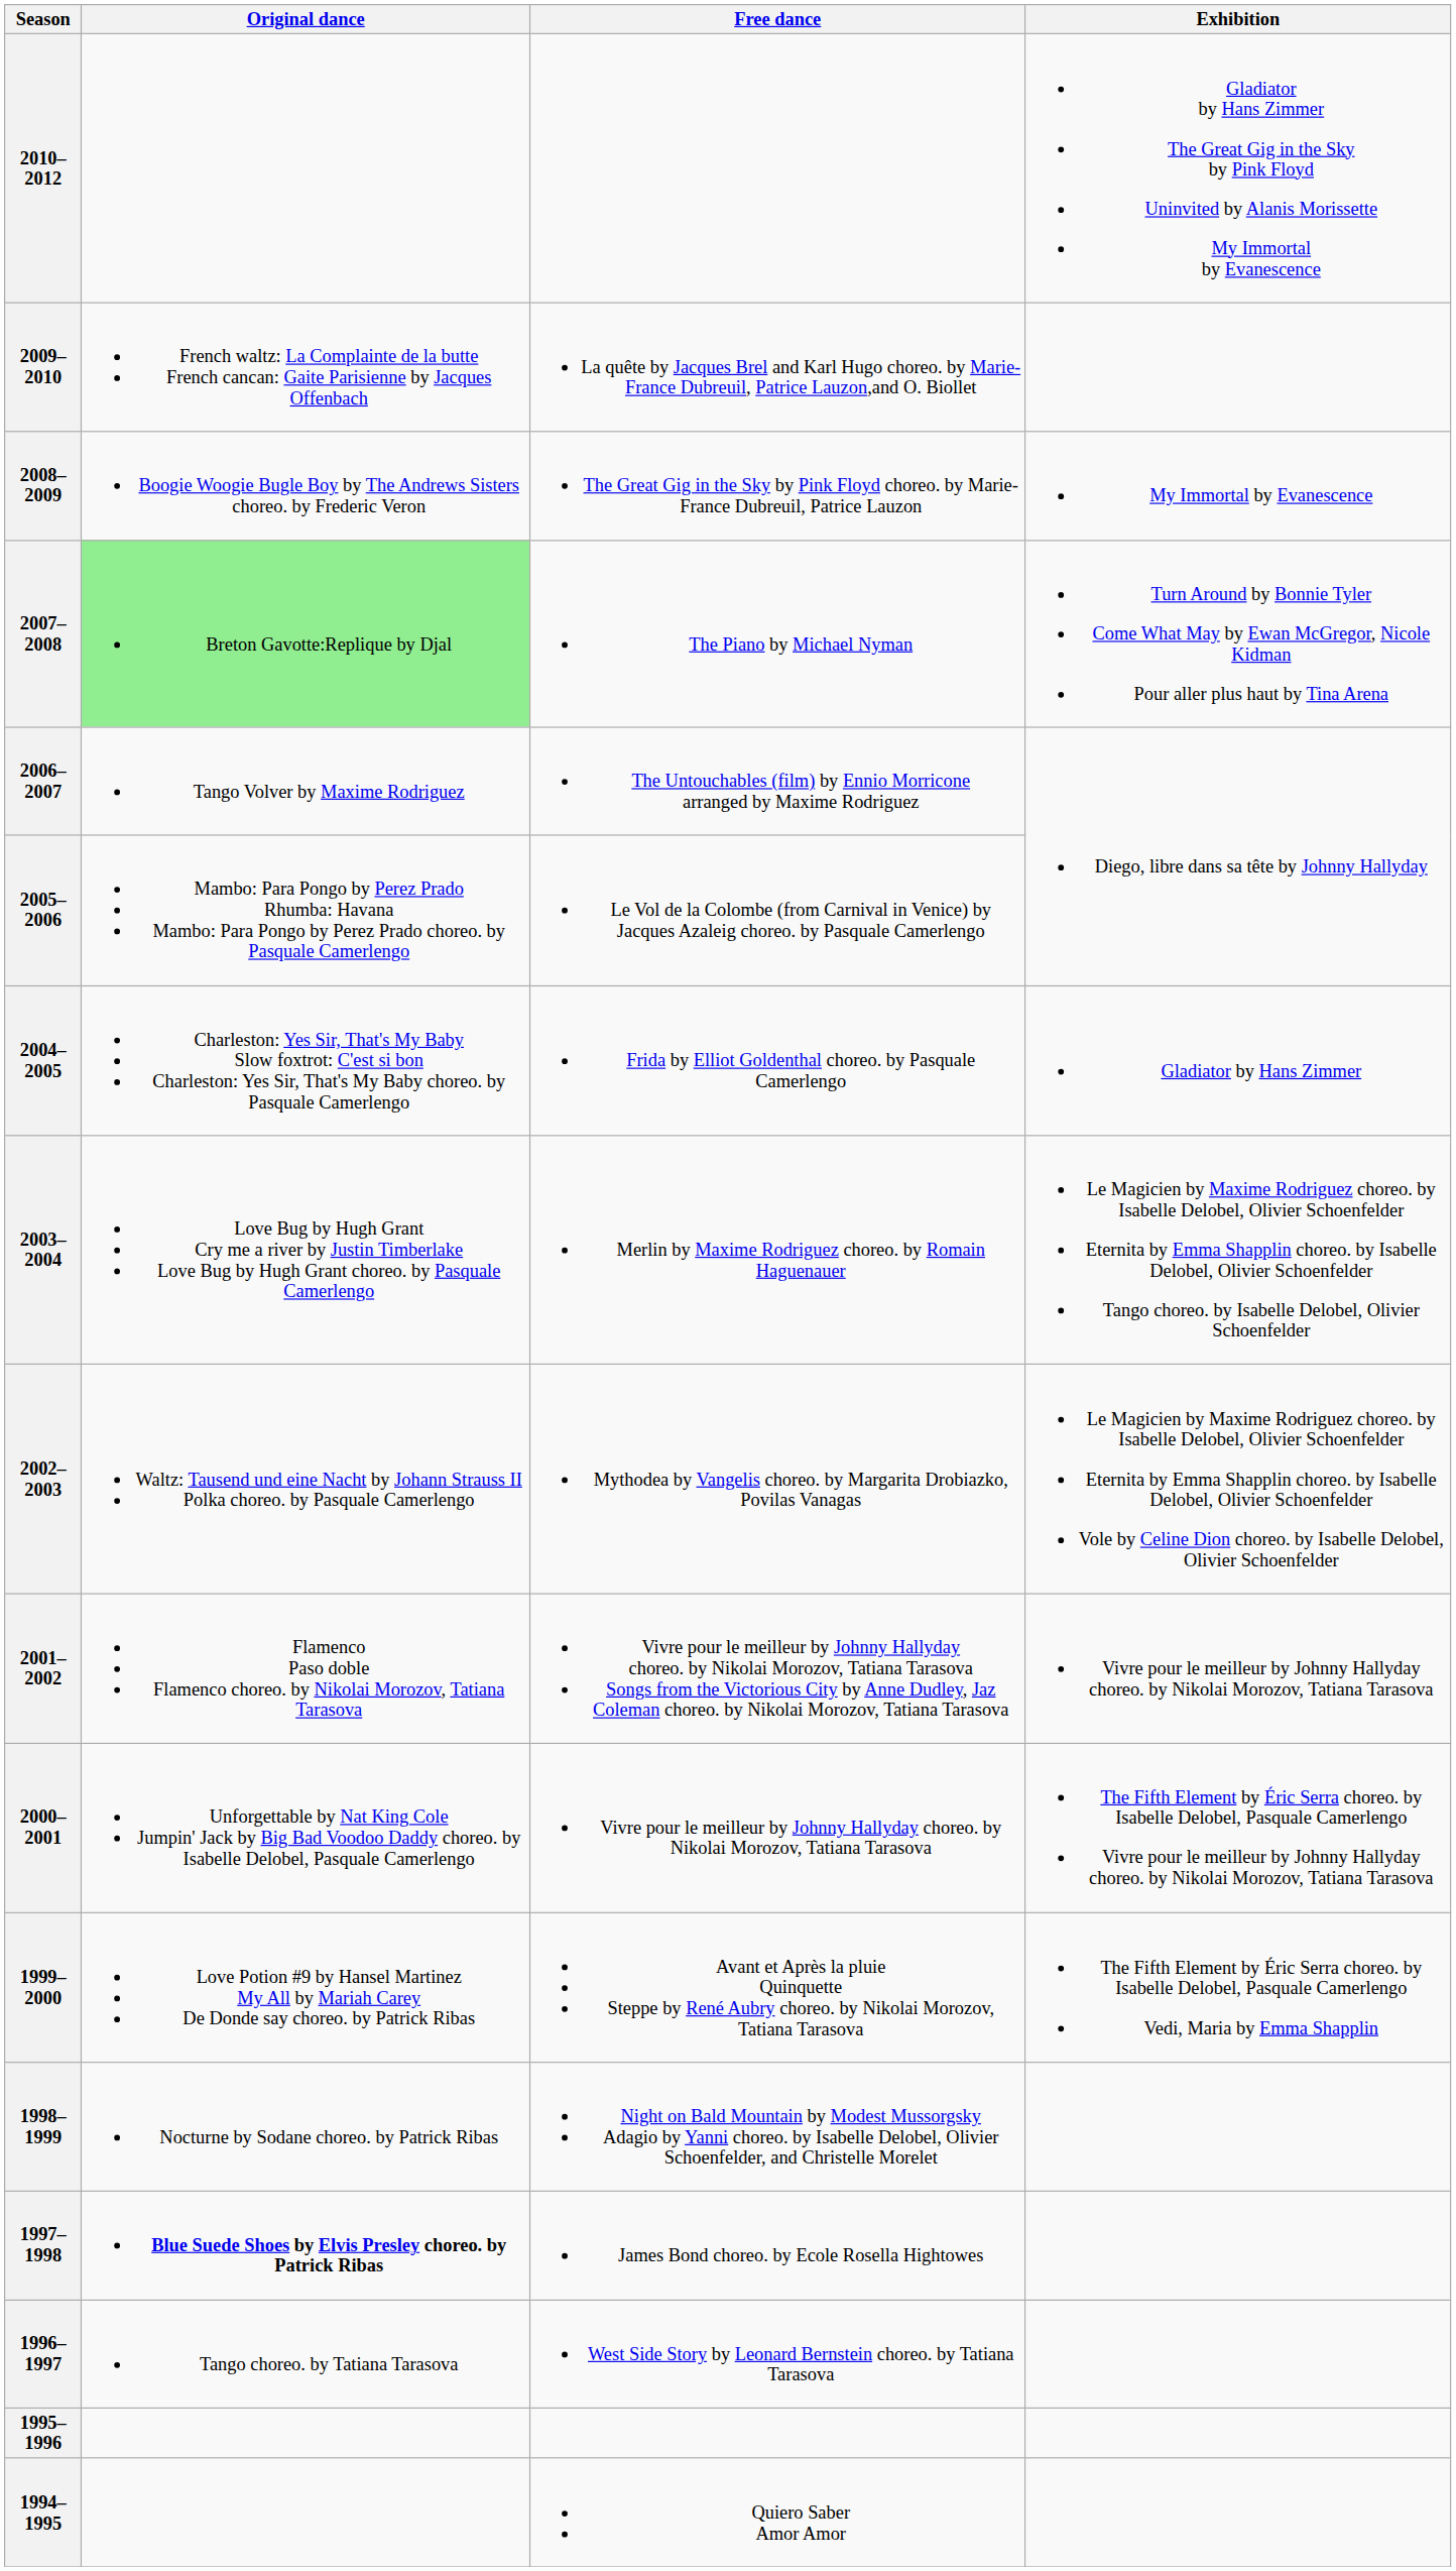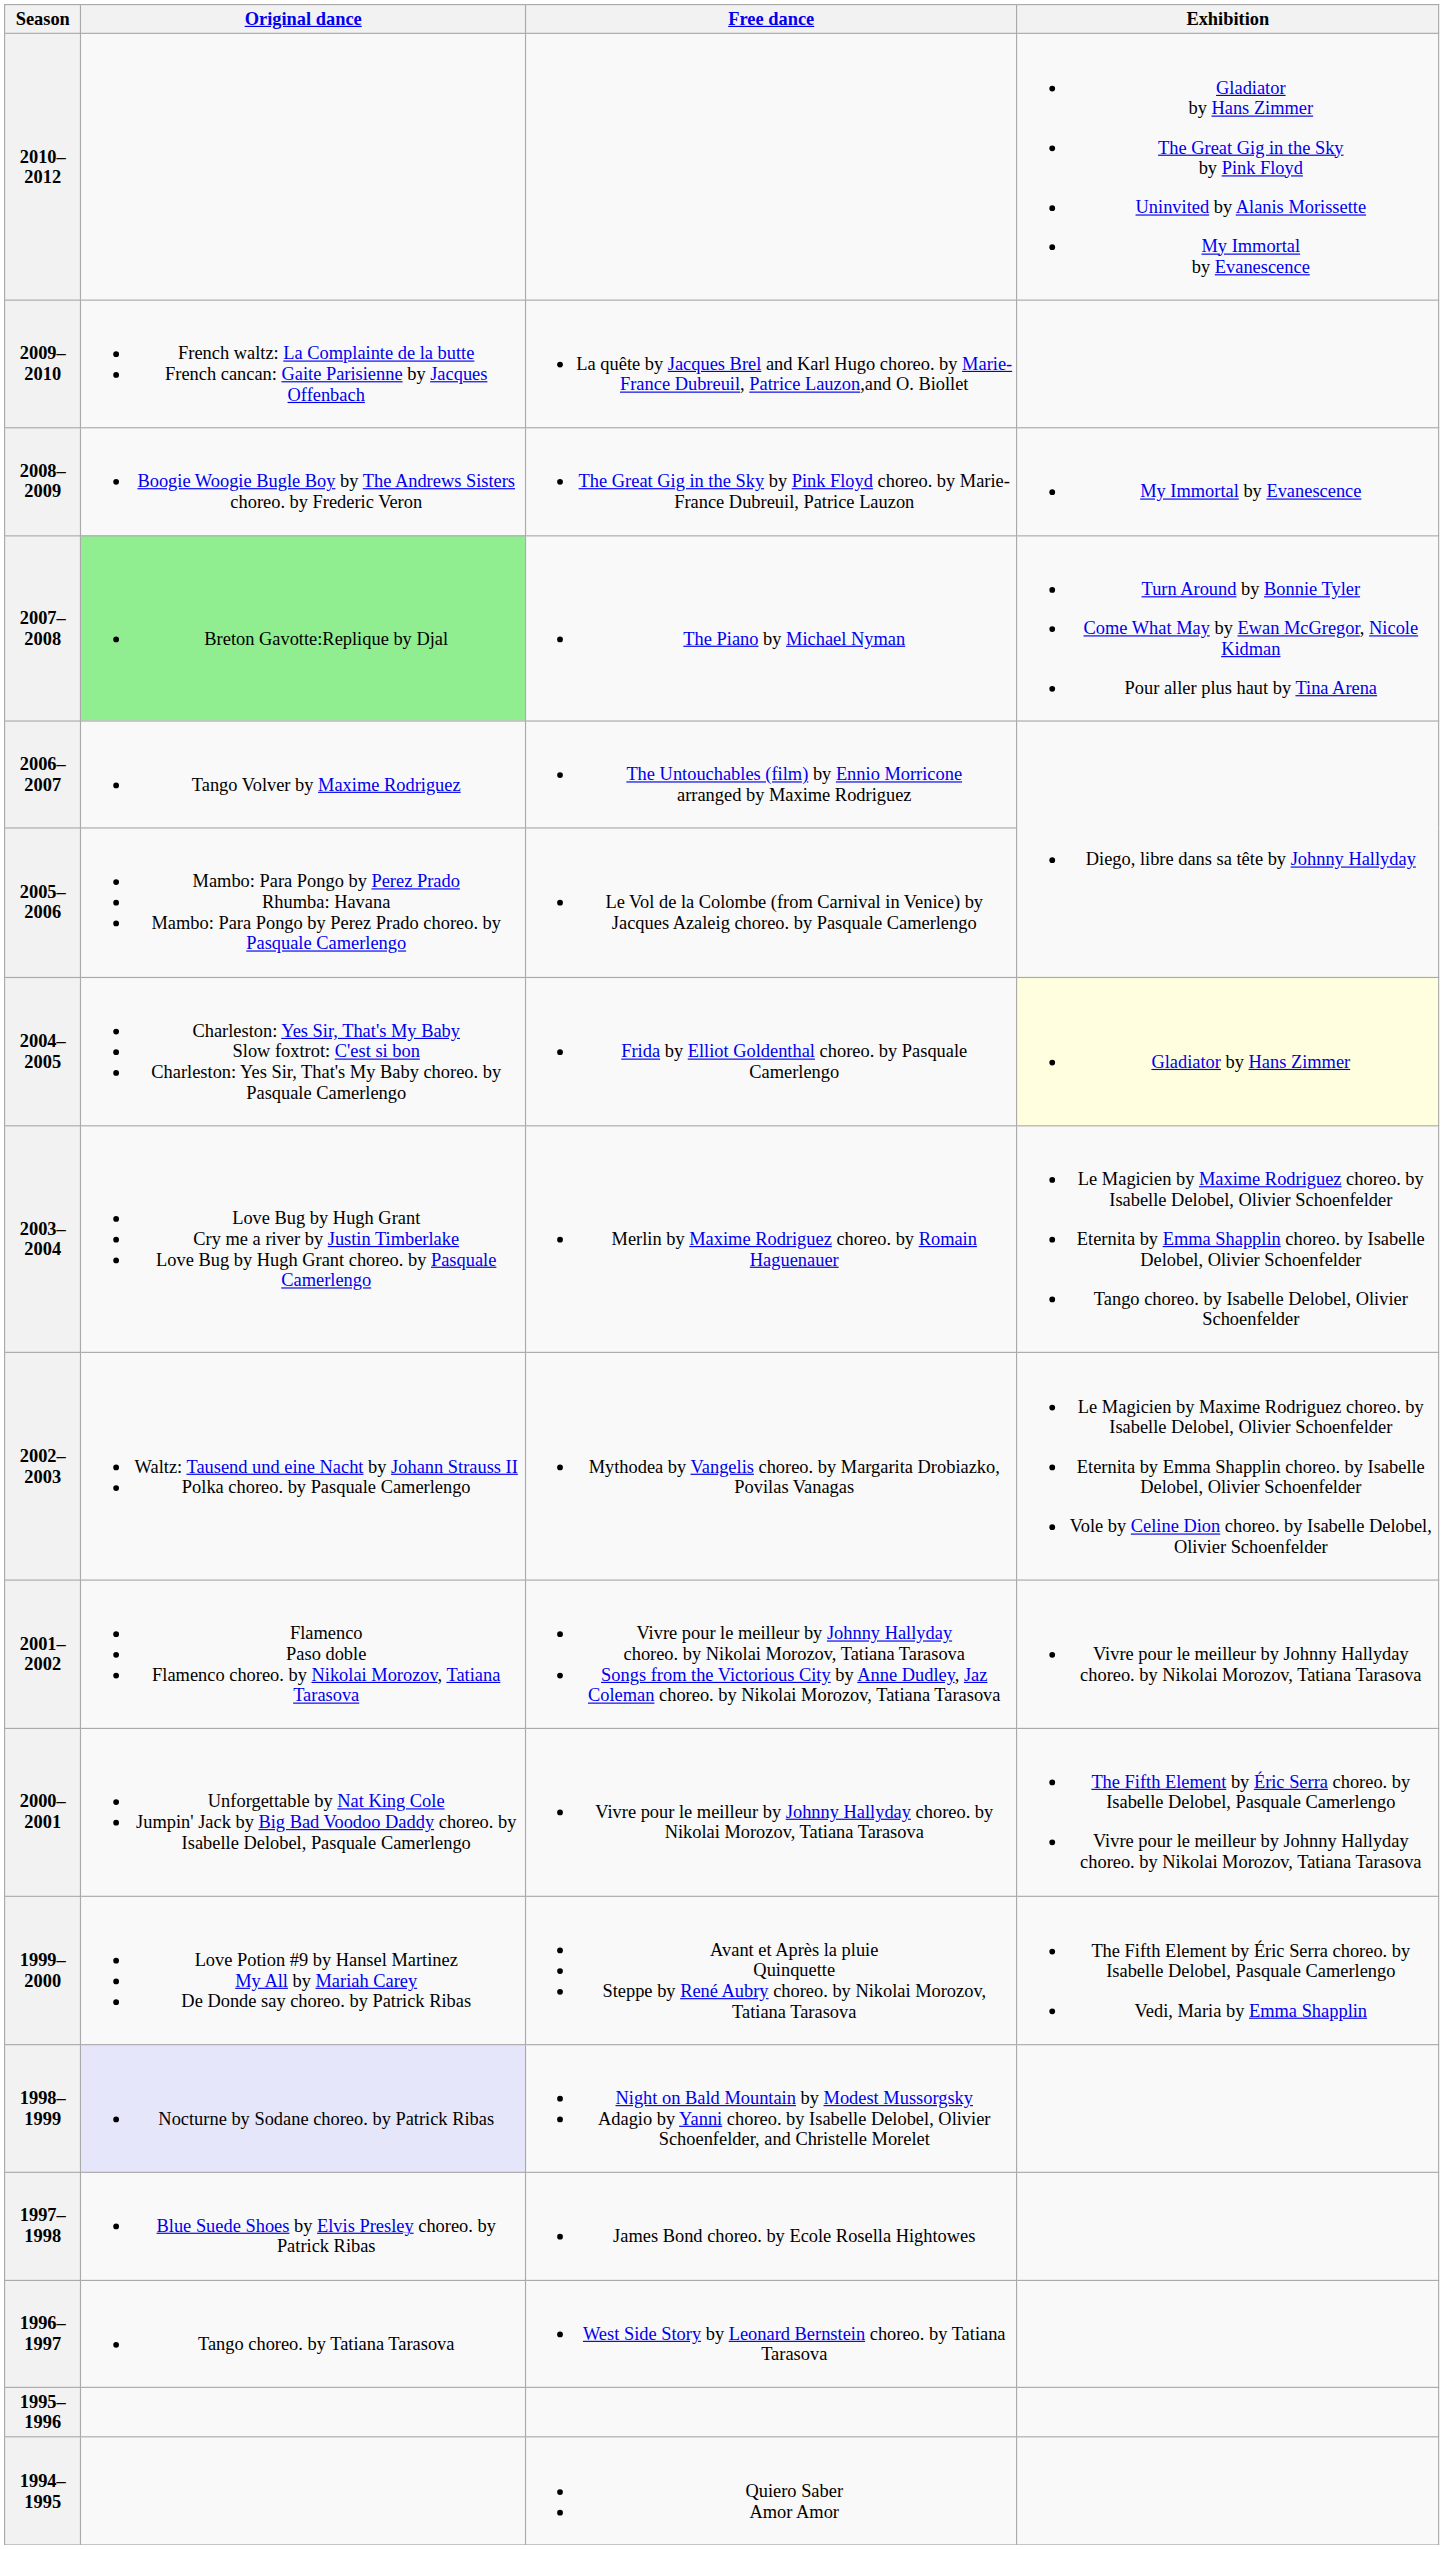 <table class="wikitable" style="text-align:center">
 <tr>
 <th>Season</th>
 <th><a href='#'>Original dance</a></th>
 <th><a href='#'>Free dance</a></th>
 <th>Exhibition</th>
 </tr>
 <tr>
 <th>2010–2012</th>
 <td></td>
 <td></td>
 <td><br><ul><li><a href='#'>Gladiator</a> <br> by <a href='#'>Hans Zimmer</a></li></ul><ul><li><a href='#'>The Great Gig in the Sky</a> <br> by <a href='#'>Pink Floyd</a></li></ul><ul><li><a href='#'>Uninvited</a> by <a href='#'>Alanis Morissette</a></li></ul><ul><li><a href='#'>My Immortal</a> <br> by <a href='#'>Evanescence</a></li></ul></td>
 </tr>
 <tr>
 <th>2009–2010 <br></th>
 <td><br><ul><li>French waltz: <a href='#'>La Complainte de la butte</a></li><li>French cancan: <a href='#'>Gaite Parisienne</a> by <a href='#'>Jacques Offenbach</a></li></ul></td>
 <td><br><ul><li>La quête by <a href='#'>Jacques Brel</a> and Karl Hugo choreo. by <a href='#'>Marie-France Dubreuil</a>, <a href='#'>Patrice Lauzon</a>,and O. Biollet</li></ul></td>
 <td></td>
 </tr>
 <tr>
 <th>2008–2009 </th>
 <td><br><ul><li><a href='#'>Boogie Woogie Bugle Boy</a> by <a href='#'>The Andrews Sisters</a> choreo. by Frederic Veron</li></ul></td>
 <td><br><ul><li><a href='#'>The Great Gig in the Sky</a> by <a href='#'>Pink Floyd</a> choreo. by Marie-France Dubreuil, Patrice Lauzon</li></ul></td>
 <td><br><ul><li><a href='#'>My Immortal</a> by <a href='#'>Evanescence</a></li></ul></td>
 </tr>
 <tr>
 <th>2007–2008 <br></th>
 <td style="background: lightgreen;"><br><ul><li>Breton Gavotte:Replique by Djal</li></ul></td>
 <td><br><ul><li><a href='#'>The Piano</a> by <a href='#'>Michael Nyman</a></li></ul></td>
 <td><br><ul><li><a href='#'>Turn Around</a> by <a href='#'>Bonnie Tyler</a></li></ul><ul><li><a href='#'>Come What May</a> by <a href='#'>Ewan McGregor</a>, <a href='#'>Nicole Kidman</a></li></ul><ul><li>Pour aller plus haut by <a href='#'>Tina Arena</a></li></ul></td>
 </tr>
 <tr>
 <th>2006–2007 <br></th>
 <td><br><ul><li>Tango Volver  by <a href='#'>Maxime Rodriguez</a></li></ul></td>
 <td><br><ul><li><a href='#'>The Untouchables (film)</a>  by <a href='#'>Ennio Morricone</a> <br> arranged by Maxime Rodriguez</li></ul></td>
 <td rowspan=2><br><ul><li>Diego, libre dans sa tête  by <a href='#'>Johnny Hallyday</a></li></ul></td>
 </tr>
 <tr>
 <th>2005–2006 <br></th>
 <td><br><ul><li>Mambo: Para Pongo  by <a href='#'>Perez Prado</a></li><li>Rhumba: Havana</li><li>Mambo: Para Pongo  by Perez Prado choreo. by <a href='#'>Pasquale Camerlengo</a></li></ul></td>
 <td><br><ul><li>Le Vol de la Colombe (from Carnival in Venice) by Jacques Azaleig choreo. by Pasquale Camerlengo</li></ul></td>
 </tr>
 <tr>
 <th>2004–2005 <br></th>
 <td><br><ul><li>Charleston: <a href='#'>Yes Sir, That's My Baby</a></li><li>Slow foxtrot: <a href='#'>C'est si bon</a></li><li>Charleston: Yes Sir, That's My Baby  choreo. by Pasquale Camerlengo</li></ul></td>
 <td><br><ul><li><a href='#'>Frida</a> by <a href='#'>Elliot Goldenthal</a> choreo. by Pasquale Camerlengo</li></ul></td>
-<td><br><ul><li><a href='#'>Gladiator</a>  by <a href='#'>Hans Zimmer</a></li></ul></td>
+<td style="background: lightyellow;"><br><ul><li><a href='#'>Gladiator</a>  by <a href='#'>Hans Zimmer</a></li></ul></td>
 </tr>
 <tr>
 <th>2003–2004 </th>
 <td><br><ul><li>Love Bug by Hugh Grant</li><li>Cry me a river by <a href='#'>Justin Timberlake</a></li><li>Love Bug by Hugh Grant choreo. by <a href='#'>Pasquale Camerlengo</a></li></ul></td>
 <td><br><ul><li>Merlin by <a href='#'>Maxime Rodriguez</a> choreo. by <a href='#'>Romain Haguenauer</a></li></ul></td>
 <td><br><ul><li>Le Magicien by <a href='#'>Maxime Rodriguez</a> choreo. by Isabelle Delobel, Olivier Schoenfelder</li></ul><ul><li>Eternita by <a href='#'>Emma Shapplin</a>  choreo. by Isabelle Delobel, Olivier Schoenfelder</li></ul><ul><li>Tango  choreo. by Isabelle Delobel, Olivier Schoenfelder</li></ul></td>
 </tr>
 <tr>
 <th>2002–2003</th>
 <td><br><ul><li>Waltz: <a href='#'>Tausend und eine Nacht</a> by <a href='#'>Johann Strauss II</a></li><li>Polka choreo. by Pasquale Camerlengo</li></ul></td>
 <td><br><ul><li>Mythodea by <a href='#'>Vangelis</a> choreo. by Margarita Drobiazko, Povilas Vanagas</li></ul></td>
 <td><br><ul><li>Le Magicien  by Maxime Rodriguez choreo. by Isabelle Delobel, Olivier Schoenfelder</li></ul><ul><li>Eternita  by Emma Shapplin choreo. by Isabelle Delobel, Olivier Schoenfelder</li></ul><ul><li>Vole  by <a href='#'>Celine Dion</a> choreo. by Isabelle Delobel, Olivier Schoenfelder</li></ul></td>
 </tr>
 <tr>
 <th>2001–2002 </th>
 <td><br><ul><li>Flamenco</li><li>Paso doble</li><li>Flamenco choreo. by <a href='#'>Nikolai Morozov</a>, <a href='#'>Tatiana Tarasova</a></li></ul></td>
 <td><br><ul><li>Vivre pour le meilleur by <a href='#'>Johnny Hallyday</a> <br> choreo. by Nikolai Morozov, Tatiana Tarasova</li><li><a href='#'>Songs from the Victorious City</a> by <a href='#'>Anne Dudley</a>, <a href='#'>Jaz Coleman</a> choreo. by Nikolai Morozov, Tatiana Tarasova</li></ul></td>
 <td><br><ul><li>Vivre pour le meilleur by Johnny Hallyday <br> choreo. by Nikolai Morozov, Tatiana Tarasova</li></ul></td>
 </tr>
 <tr>
 <th>2000–2001 </th>
 <td><br><ul><li>Unforgettable by <a href='#'>Nat King Cole</a></li><li>Jumpin' Jack by <a href='#'>Big Bad Voodoo Daddy</a>  choreo. by Isabelle Delobel, Pasquale Camerlengo</li></ul></td>
 <td><br><ul><li>Vivre pour le meilleur  by <a href='#'>Johnny Hallyday</a> choreo. by Nikolai Morozov, Tatiana Tarasova</li></ul></td>
 <td><br><ul><li><a href='#'>The Fifth Element</a> by <a href='#'>Éric Serra</a> choreo. by Isabelle Delobel, Pasquale Camerlengo</li></ul><ul><li>Vivre pour le meilleur  by Johnny Hallyday choreo. by Nikolai Morozov, Tatiana Tarasova</li></ul></td>
 </tr>
 <tr>
 <th>1999–2000 <br></th>
 <td><br><ul><li>Love Potion #9  by Hansel Martinez</li><li><a href='#'>My All</a> by <a href='#'>Mariah Carey</a></li><li>De Donde say choreo. by Patrick Ribas</li></ul></td>
 <td><br><ul><li>Avant et Après la pluie</li><li>Quinquette</li><li>Steppe by <a href='#'>René Aubry</a> choreo. by Nikolai Morozov, Tatiana Tarasova</li></ul></td>
 <td><br><ul><li>The Fifth Element  by Éric Serra choreo. by Isabelle Delobel, Pasquale Camerlengo</li></ul><ul><li>Vedi, Maria by <a href='#'>Emma Shapplin</a></li></ul></td>
 </tr>
 <tr>
 <th>1998–1999 </th>
-<td><br><ul><li>Nocturne by Sodane  choreo. by Patrick Ribas</li></ul></td>
+<td style="background: lavender;"><br><ul><li>Nocturne by Sodane  choreo. by Patrick Ribas</li></ul></td>
 <td><br><ul><li><a href='#'>Night on Bald Mountain</a>  by <a href='#'>Modest Mussorgsky</a></li><li>Adagio  by <a href='#'>Yanni</a> choreo. by Isabelle Delobel, Olivier Schoenfelder, and Christelle Morelet</li></ul></td>
 <td></td>
 </tr>
 <tr>
 <th>1997–1998 <br></th>
-<td><strong><br><ul><li><a href='#'>Blue Suede Shoes</a> by <a href='#'>Elvis Presley</a> choreo. by Patrick Ribas</li></ul></strong></td>
+<td><br><ul><li><a href='#'>Blue Suede Shoes</a> by <a href='#'>Elvis Presley</a> choreo. by Patrick Ribas</li></ul></td>
 <td><br><ul><li>James Bond choreo. by Ecole Rosella Hightowes</li></ul></td>
 <td></td>
 </tr>
 <tr>
 <th>1996–1997 <br></th>
 <td><br><ul><li>Tango  choreo. by Tatiana Tarasova</li></ul></td>
 <td><br><ul><li><a href='#'>West Side Story</a>  by <a href='#'>Leonard Bernstein</a> choreo. by Tatiana Tarasova</li></ul></td>
 <td></td>
 </tr>
 <tr>
 <th>1995–1996</th>
 <td></td>
 <td></td>
 <td></td>
 </tr>
 <tr>
 <th>1994–1995</th>
 <td></td>
 <td><br><ul><li>Quiero Saber</li><li>Amor Amor</li></ul></td>
 <td></td>
 </tr>
 </table>
